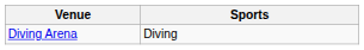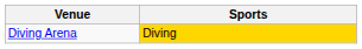 <table class="wikitable sortable">
 <tr>
 <th width="170">Venue</th>
 <th width="278">Sports</th>
 </tr>
 <tr>
 <td><a href='#'>Diving Arena</a></td>
-<td>Diving</td>
+<td style="background: gold;">Diving</td>
 </tr>
 </table>
